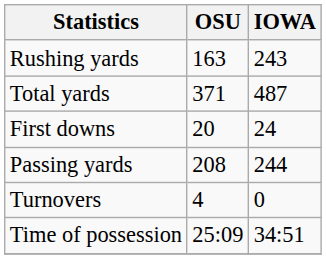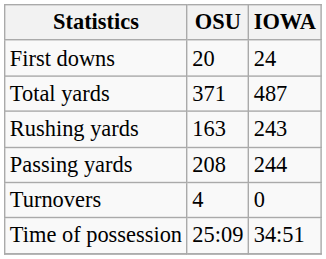 <table class="wikitable">
 <tr>
 <th>Statistics</th>
 <th>OSU</th>
 <th>IOWA</th>
 </tr>
 <tr>
-<td>Rushing yards</td>
-<td>163</td>
-<td>243</td>
+<td>First downs</td>
+<td>20</td>
+<td>24</td>
 </tr>
 <tr>
 <td>Total yards</td>
 <td>371</td>
 <td>487</td>
 </tr>
 <tr>
-<td>First downs</td>
-<td>20</td>
-<td>24</td>
+<td>Rushing yards</td>
+<td>163</td>
+<td>243</td>
 </tr>
 <tr>
 <td>Passing yards</td>
 <td>208</td>
 <td>244</td>
 </tr>
 <tr>
 <td>Turnovers</td>
 <td>4</td>
 <td>0</td>
 </tr>
 <tr>
 <td>Time of possession</td>
 <td>25:09</td>
 <td>34:51</td>
 </tr>
 <tr>
 </tr>
 </table>
